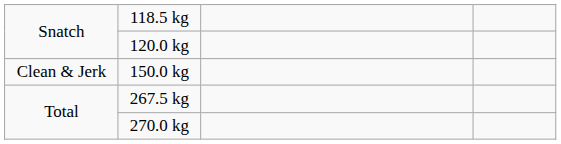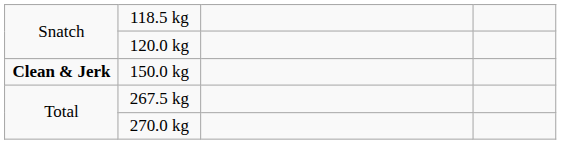 <table class = "wikitable" style="text-align:center;">
 <tr>
 <td width=100 rowspan=2>Snatch</td>
 <td width=70>118.5 kg</td>
 <td width=250 align=left></td>
 <td width=70></td>
 </tr>
 <tr>
 <td>120.0 kg</td>
 <td align=left></td>
 <td></td>
 </tr>
 <tr>
-<td>Clean & Jerk</td>
+<td><strong>Clean & Jerk</strong></td>
 <td>150.0 kg</td>
 <td align=left></td>
 <td></td>
 </tr>
 <tr>
 <td rowspan=2>Total</td>
 <td>267.5 kg</td>
 <td align=left></td>
 <td></td>
 </tr>
 <tr>
 <td>270.0 kg</td>
 <td align=left></td>
 <td></td>
 </tr>
 </table>
